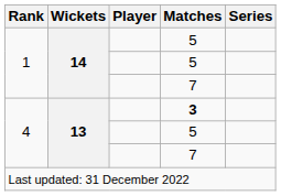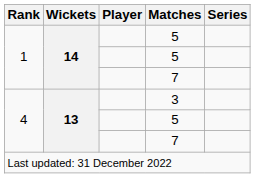 <table class="wikitable plainrowheaders sortable">
 <tr>
 <th scope=col>Rank</th>
 <th scope=col>Wickets</th>
 <th scope=col>Player</th>
 <th scope=col>Matches</th>
 <th scope=col>Series</th>
 </tr>
 <tr>
 <td align=center rowspan=3>1</td>
 <th scope=row style=text-align:center; rowspan=3>14</th>
 <td></td>
 <td align=center>5</td>
 <td></td>
 </tr>
 <tr>
 <td></td>
 <td align=center>5</td>
 <td></td>
 </tr>
 <tr>
 <td></td>
 <td align=center>7</td>
 <td></td>
 </tr>
 <tr>
 <td align=center rowspan=3>4</td>
 <th scope=row style=text-align:center; rowspan=3>13</th>
 <td></td>
-<td align=center><strong>3</strong></td>
+<td align=center>3</td>
 <td></td>
 </tr>
 <tr>
 <td></td>
 <td align=center>5</td>
 <td></td>
 </tr>
 <tr>
 <td></td>
 <td align=center>7</td>
 <td></td>
 </tr>
 <tr class=sortbottom>
 <td colspan=5><small>Last updated: 31 December 2022</small></td>
 </tr>
 </table>
